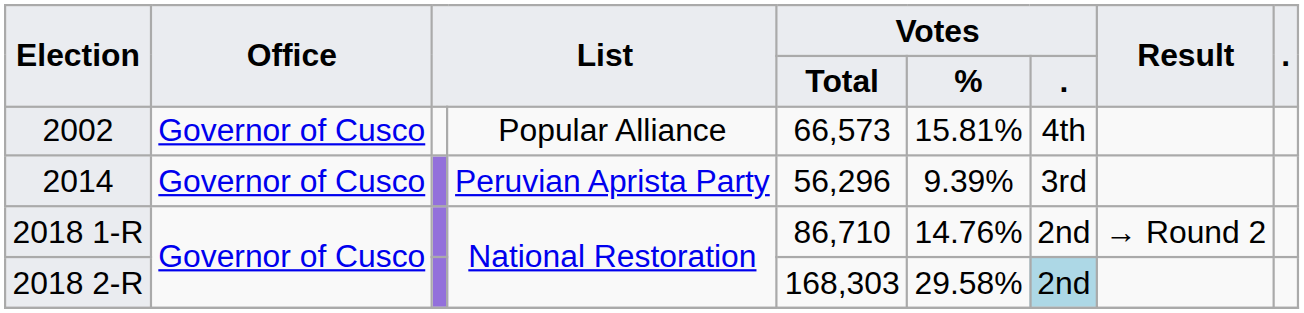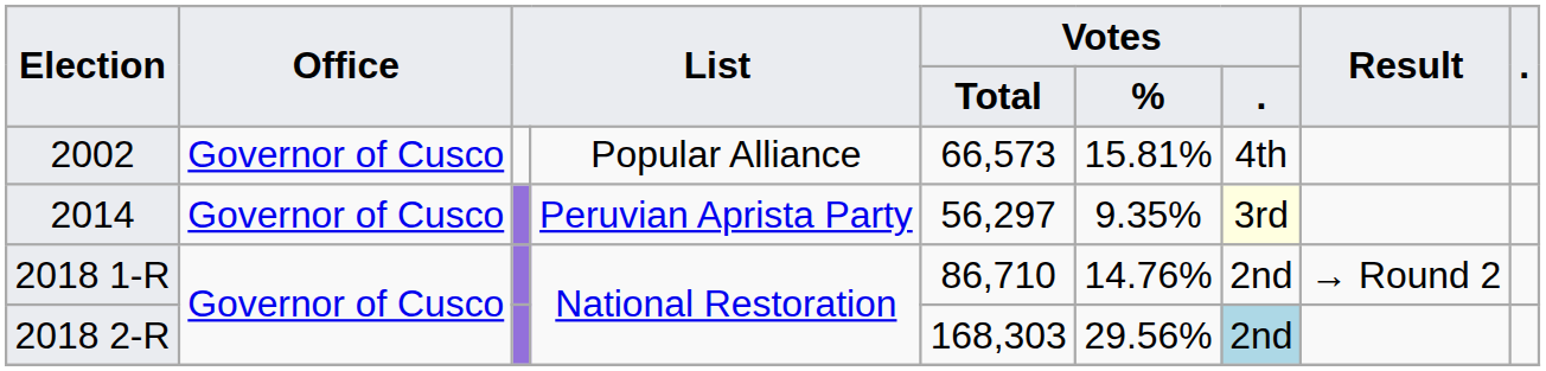 <table class="wikitable" style="font-size:90%; text-align:center;">
 <tr>
 <th style="background-color:#EAECF0;" rowspan=2>Election</th>
 <th style="background-color:#EAECF0;" rowspan=2>Office</th>
 <th style="background-color:#EAECF0;" colspan=2 rowspan=2>List</th>
 <th style="background-color:#EAECF0;" colspan=3>Votes</th>
 <th style="background-color:#EAECF0;" rowspan=2>Result</th>
 <th style="background-color:#EAECF0;" rowspan=2>.</th>
 </tr>
 <tr>
 <th style="background-color:#EAECF0;">Total</th>
 <th style="background-color:#EAECF0;">%</th>
 <th style="background-color:#EAECF0;">.</th>
 </tr>
 <tr>
 <td style="background-color:#EAECF0;">2002</td>
 <td><a href='#'>Governor of Cusco</a></td>
 <td style="background-color:"></td>
 <td>Popular Alliance</td>
 <td>66,573</td>
 <td>15.81%</td>
 <td>4th</td>
 <td></td>
 <td></td>
 </tr>
 <tr>
 <td style="background-color:#EAECF0;">2014</td>
 <td><a href='#'>Governor of Cusco</a></td>
 <td style="background-color:#9370DB;”"></td>
 <td><a href='#'>Peruvian Aprista Party</a></td>
-<td>56,296</td>
-<td>9.39%</td>
-<td>3rd</td>
+<td>56,297</td>
+<td>9.35%</td>
+<td style="background: lightyellow;">3rd</td>
 <td></td>
 <td></td>
 </tr>
 <tr>
 <td style="background-color:#EAECF0;">2018 1-R</td>
 <td rowspan="2"><a href='#'>Governor of Cusco</a></td>
 <td style="background-color:#9370DB;"></td>
 <td rowspan="2"><a href='#'>National Restoration</a></td>
 <td>86,710</td>
 <td>14.76%</td>
 <td>2nd</td>
 <td>→ Round 2</td>
 <td></td>
 </tr>
 <tr>
 <td style="background-color:#EAECF0;">2018 2-R</td>
 <td style="background-color:#9370DB;"></td>
 <td>168,303</td>
-<td>29.58%</td>
+<td>29.56%</td>
 <td style="background: lightblue;">2nd</td>
 <td></td>
 <td></td>
 </tr>
 <tr>
 </tr>
 </table>
